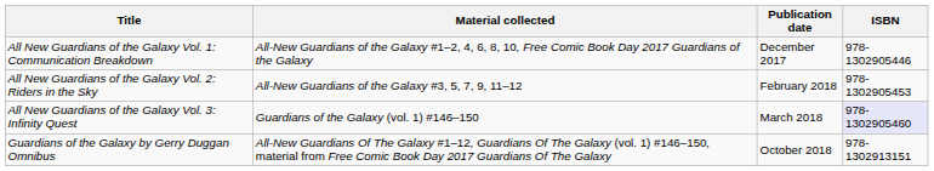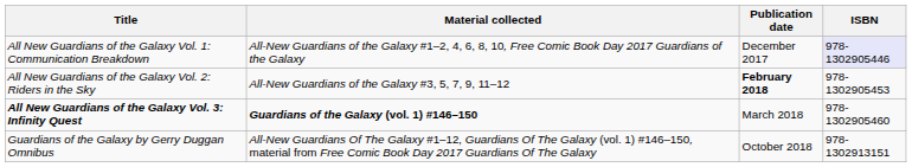 <table class="wikitable">
 <tr>
 <th>Title</th>
 <th>Material collected</th>
 <th>Publication date</th>
 <th>ISBN</th>
 </tr>
 <tr>
 <td><em>All New Guardians of the Galaxy Vol. 1: Communication Breakdown</em></td>
 <td><em>All-New Guardians of the Galaxy</em> #1–2, 4, 6, 8, 10<em>, Free Comic Book Day 2017 Guardians of the Galaxy</em></td>
 <td>December 2017</td>
-<td>978-1302905446</td>
+<td style="background: lavender;">978-1302905446</td>
 </tr>
 <tr>
 <td><em>All New Guardians of the Galaxy Vol. 2: Riders in the Sky</em></td>
 <td><em>All-New Guardians of the Galaxy</em> #3, 5, 7, 9, 11–12</td>
-<td>February 2018</td>
+<td><strong>February 2018</strong></td>
 <td>978-1302905453</td>
 </tr>
 <tr>
-<td><em>All New Guardians of the Galaxy Vol. 3: Infinity Quest</em></td>
-<td><em>Guardians of the Galaxy</em> (vol. 1) #146–150</td>
+<td><strong><em>All New Guardians of the Galaxy Vol. 3: Infinity Quest</em></strong></td>
+<td><strong><em>Guardians of the Galaxy</em> (vol. 1) #146–150</strong></td>
 <td>March 2018</td>
-<td style="background: lavender;">978-1302905460</td>
+<td>978-1302905460</td>
 </tr>
 <tr>
 <td><em>Guardians of the Galaxy by Gerry Duggan Omnibus</em></td>
 <td><em>All-New Guardians Of The Galaxy</em> #1–12<em>, Guardians Of The Galaxy</em> (vol. 1) #146–150<em>,</em> material from <em>Free Comic Book Day 2017 Guardians Of The Galaxy</em></td>
 <td>October 2018</td>
 <td>978-1302913151</td>
 </tr>
 </table>
